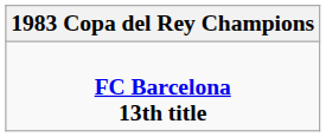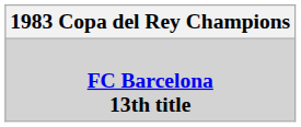 <table class=wikitable style="text-align:center; margin:auto">
 <tr>
 <th>1983 Copa del Rey Champions</th>
 </tr>
 <tr>
-<td><br> <strong><a href='#'>FC Barcelona</a></strong> <br> <strong>13th title</strong></td>
+<td style="background: lightgrey;"><br> <strong><a href='#'>FC Barcelona</a></strong> <br> <strong>13th title</strong></td>
 </tr>
 </table>
